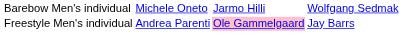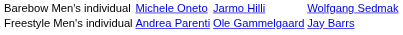 <table>
 <tr>
 <td>Barebow Men's individual<br></td>
 <td> <a href='#'>Michele Oneto</a></td>
 <td> <a href='#'>Jarmo Hilli</a></td>
 <td> <a href='#'>Wolfgang Sedmak</a></td>
 </tr>
 <tr>
 <td>Freestyle Men's individual<br></td>
 <td> <a href='#'>Andrea Parenti</a></td>
-<td style="background: pink;"> <a href='#'>Ole Gammelgaard</a></td>
+<td> <a href='#'>Ole Gammelgaard</a></td>
 <td> <a href='#'>Jay Barrs</a></td>
 </tr>
 </table>
